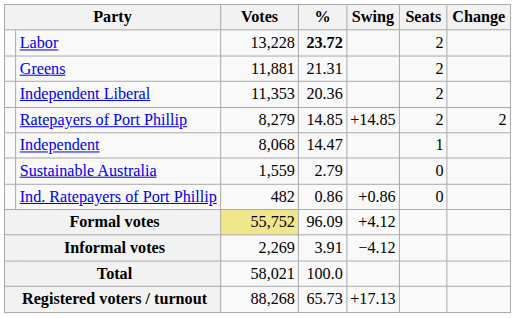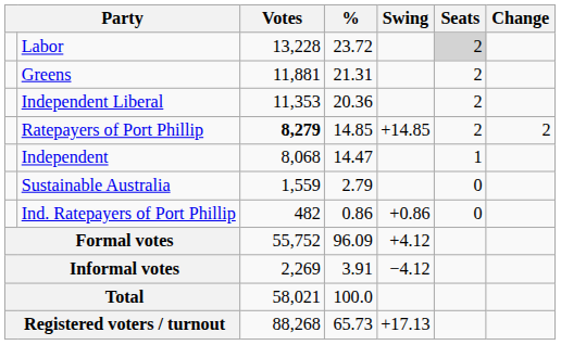 <table class="wikitable" style="text-align:right; margin-bottom:0">
 <tr>
 <th style="width:10px" colspan=3>Party</th>
 <th style="width:70px;">Votes</th>
 <th style="width:40px;">%</th>
 <th style="width:40px;">Swing</th>
 <th style="width:40px;">Seats</th>
 <th style="width:40px;">Change</th>
 </tr>
 <tr>
 <td> </td>
 <td style="text-align:left;" colspan="2"><a href='#'>Labor</a></td>
 <td>13,228</td>
-<td><strong>23.72</strong></td>
+<td>23.72</td>
 <td></td>
-<td>2</td>
+<td style="background: lightgrey;">2</td>
 <td></td>
 </tr>
 <tr>
 <td> </td>
 <td style="text-align:left;" colspan="2"><a href='#'>Greens</a></td>
 <td>11,881</td>
 <td>21.31</td>
 <td></td>
 <td>2</td>
 <td></td>
 </tr>
 <tr>
 <td> </td>
 <td style="text-align:left;" colspan="2"><a href='#'>Independent Liberal</a></td>
 <td>11,353</td>
 <td>20.36</td>
 <td></td>
 <td>2</td>
 <td></td>
 </tr>
 <tr>
 <td> </td>
 <td style="text-align:left;" colspan="2"><a href='#'>Ratepayers of Port Phillip</a></td>
-<td>8,279</td>
+<td><strong>8,279</strong></td>
 <td>14.85</td>
 <td>+14.85</td>
 <td>2</td>
 <td> 2</td>
 </tr>
 <tr>
 <td> </td>
 <td style="text-align:left;" colspan="2"><a href='#'>Independent</a></td>
 <td style="width:70px;">8,068</td>
 <td style="width:40px;">14.47</td>
 <td style="width:40px;"></td>
 <td style="width:40px;">1</td>
 <td style="width:55px;"></td>
 </tr>
 <tr>
 <td> </td>
 <td style="text-align:left;" colspan="2"><a href='#'>Sustainable Australia</a></td>
 <td>1,559</td>
 <td>2.79</td>
 <td></td>
 <td>0</td>
 <td></td>
 </tr>
 <tr>
 <td> </td>
 <td style="text-align:left;" colspan="2"><a href='#'>Ind. Ratepayers of Port Phillip</a></td>
 <td>482</td>
 <td>0.86</td>
 <td>+0.86</td>
 <td>0</td>
 <td></td>
 </tr>
 <tr>
 <th colspan="3" rowspan="1"> Formal votes</th>
-<td style="background: khaki;">55,752</td>
+<td>55,752</td>
 <td>96.09</td>
 <td>+4.12</td>
 <td></td>
 </tr>
 <tr>
 <th colspan="3" rowspan="1"> Informal votes</th>
 <td>2,269</td>
 <td>3.91</td>
 <td>−4.12</td>
 <td></td>
 <td></td>
 </tr>
 <tr>
 <th colspan="3" rowspan="1"> Total</th>
 <td>58,021</td>
 <td>100.0</td>
 <td></td>
 <td></td>
 <td></td>
 </tr>
 <tr>
 <th colspan="3" rowspan="1"> Registered voters / turnout</th>
 <td>88,268</td>
 <td>65.73</td>
 <td>+17.13</td>
 <td></td>
 <td></td>
 </tr>
 </table>
